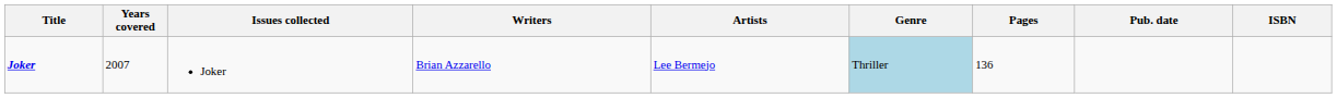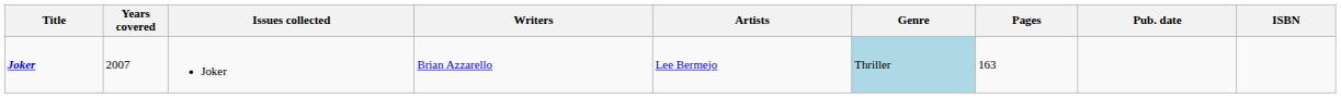 <table class="wikitable sortable" width=90%>
 <tr>
 <th>Title</th>
 <th style="width: 5em;">Years covered</th>
 <th class="unsortable">Issues collected</th>
 <th class="unsortable">Writers</th>
 <th class="unsortable">Artists</th>
 <th>Genre</th>
 <th>Pages</th>
 <th>Pub. date</th>
 <th class="unsortable">ISBN</th>
 </tr>
 <tr>
 <td><strong><em><a href='#'>Joker</a></em></strong></td>
 <td>2007</td>
 <td><br><ul><li>Joker</li></ul></td>
 <td><a href='#'>Brian Azzarello</a></td>
 <td><a href='#'>Lee Bermejo</a></td>
 <td style="background: lightblue;">Thriller</td>
-<td>136</td>
+<td>163</td>
 <td></td>
 <td></td>
 </tr>
 </table>
